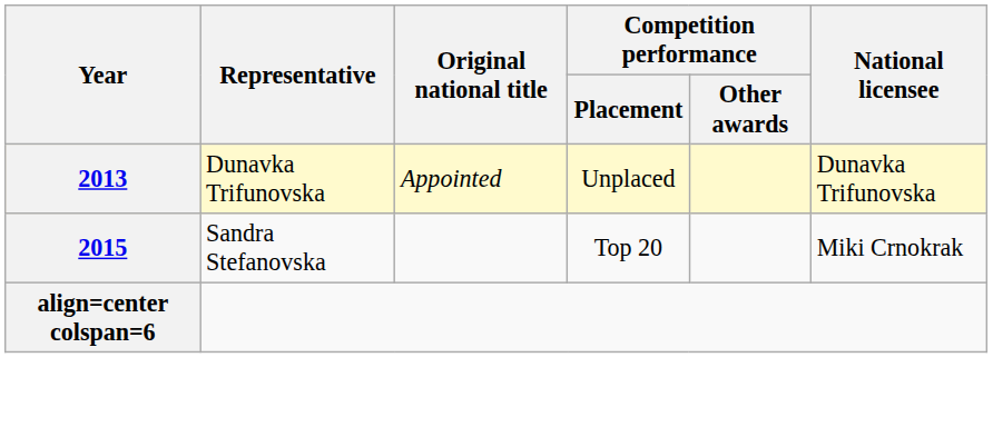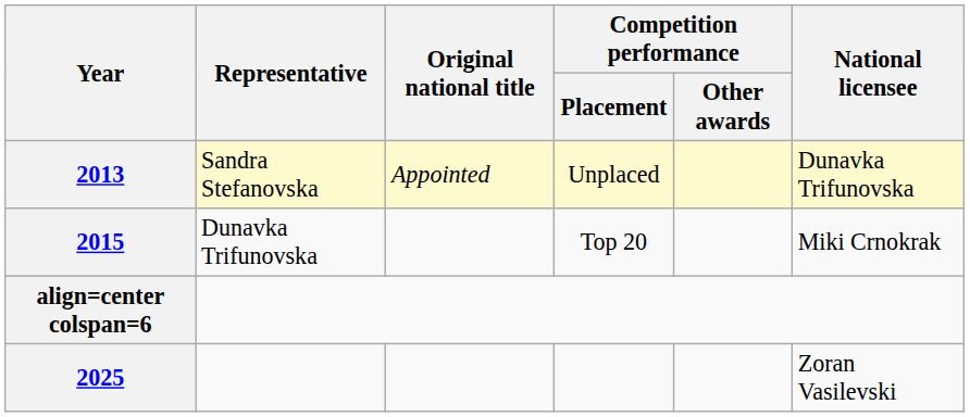 <table class="wikitable col3center col4center col5center" style="font-size:95%;">
 <tr>
 <th rowspan=2>Year</th>
 <th rowspan=2>Representative</th>
 <th rowspan=2>Original national title</th>
 <th colspan=2>Competition performance</th>
 <th rowspan=2>National licensee</th>
 </tr>
 <tr>
 <th>Placement</th>
 <th>Other awards</th>
 </tr>
 <tr bgcolor=#FFFACD>
 <th><a href='#'>2013</a></th>
-<td>Dunavka Trifunovska</td>
+<td>Sandra Stefanovska</td>
 <td><em>Appointed</em></td>
 <td align=center>Unplaced</td>
 <td></td>
 <td>Dunavka Trifunovska</td>
 </tr>
 <tr>
 <th><a href='#'>2015</a></th>
-<td>Sandra Stefanovska</td>
+<td>Dunavka Trifunovska</td>
 <td></td>
 <td align=center>Top 20</td>
 <td></td>
 <td>Miki Crnokrak</td>
 </tr>
 <tr>
 <th>align=center colspan=6 </th>
 </tr>
+<tr>
+<th><a href='#'>2025</a></th>
+<td></td>
+<td></td>
+<td></td>
+<td></td>
+<td>Zoran Vasilevski</td>
+</tr>
 </table>
